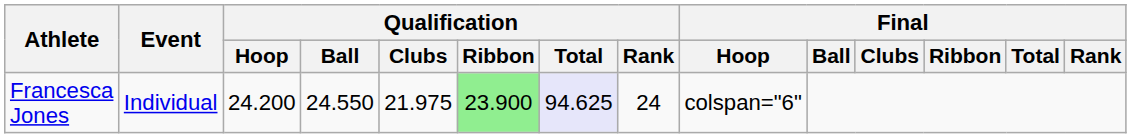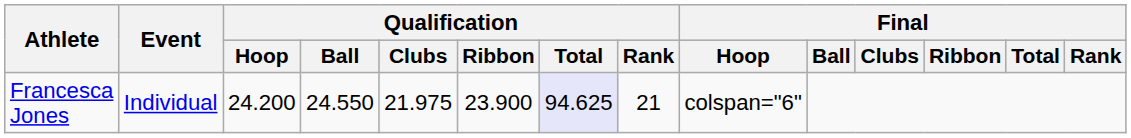 <table class=wikitable style="font-size:90%">
 <tr>
 <th rowspan=2>Athlete</th>
 <th rowspan=2>Event</th>
 <th colspan=6>Qualification</th>
 <th colspan=6>Final</th>
 </tr>
 <tr style="font-size:95%">
 <th>Hoop</th>
 <th>Ball</th>
 <th>Clubs</th>
 <th>Ribbon</th>
 <th>Total</th>
 <th>Rank</th>
 <th>Hoop</th>
 <th>Ball</th>
 <th>Clubs</th>
 <th>Ribbon</th>
 <th>Total</th>
 <th>Rank</th>
 </tr>
 <tr align=center>
 <td align=left><a href='#'>Francesca Jones</a></td>
 <td align=left><a href='#'>Individual</a></td>
 <td>24.200</td>
 <td>24.550</td>
 <td>21.975</td>
-<td style="background: lightgreen;">23.900</td>
+<td>23.900</td>
 <td style="background: lavender;">94.625</td>
-<td>24</td>
+<td>21</td>
 <td>colspan="6" </td>
 </tr>
 </table>
